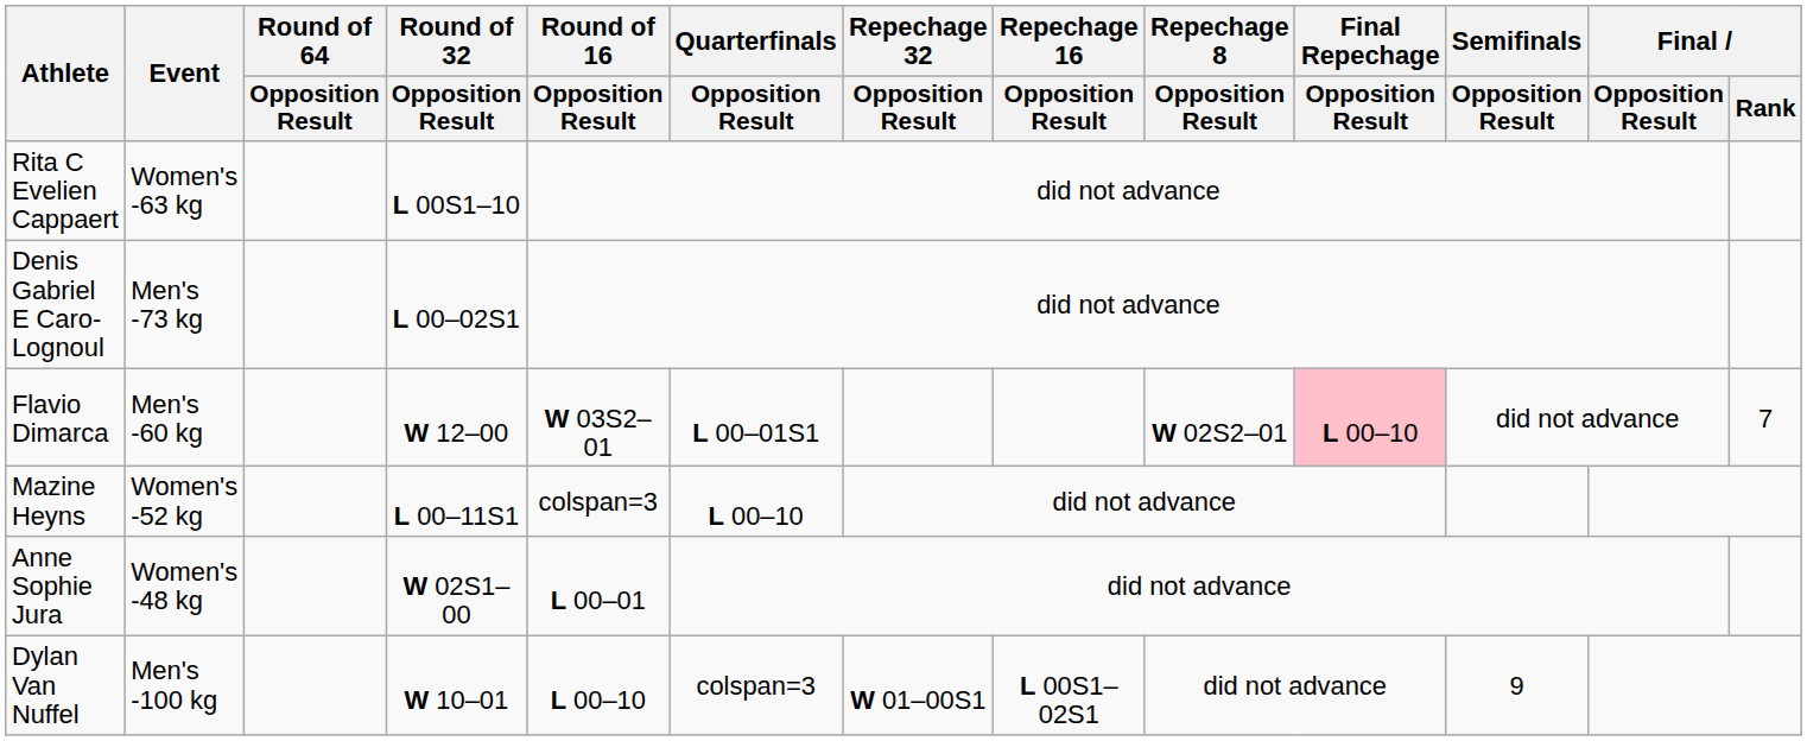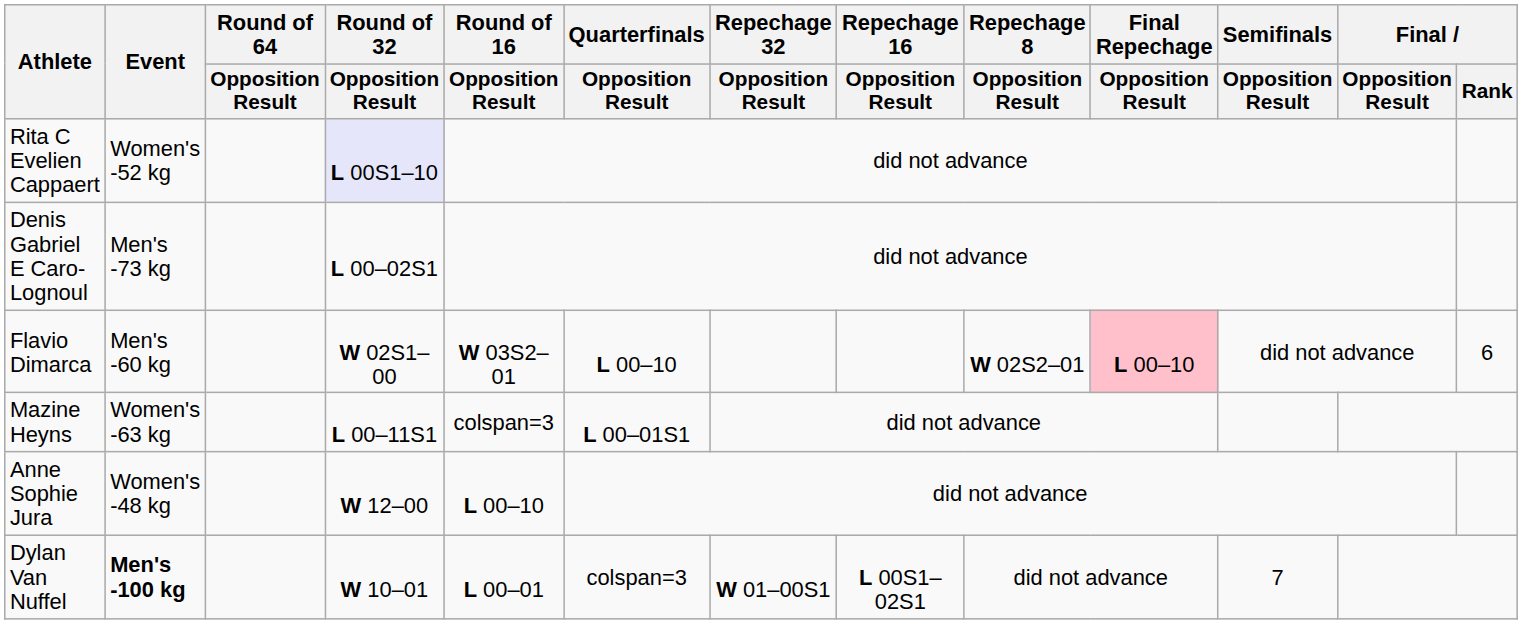 <table class="wikitable" style="font-size:90%">
 <tr>
 <th rowspan="2">Athlete</th>
 <th rowspan="2">Event</th>
 <th>Round of 64</th>
 <th>Round of 32</th>
 <th>Round of 16</th>
 <th>Quarterfinals</th>
 <th>Repechage 32</th>
 <th>Repechage 16</th>
 <th>Repechage 8</th>
 <th>Final Repechage</th>
 <th>Semifinals</th>
 <th colspan=2>Final / </th>
 </tr>
 <tr style="font-size:95%">
 <th>Opposition<br>Result</th>
 <th>Opposition<br>Result</th>
 <th>Opposition<br>Result</th>
 <th>Opposition<br>Result</th>
 <th>Opposition<br>Result</th>
 <th>Opposition<br>Result</th>
 <th>Opposition<br>Result</th>
 <th>Opposition<br>Result</th>
 <th>Opposition<br>Result</th>
 <th>Opposition<br>Result</th>
 <th>Rank</th>
 </tr>
 <tr align=center>
 <td align=left>Rita C Evelien Cappaert</td>
-<td align=left>Women's -63 kg</td>
+<td align=left>Women's -52 kg</td>
 <td></td>
-<td><br><strong>L</strong> 00S1–10</td>
+<td style="background: lavender;"><br><strong>L</strong> 00S1–10</td>
 <td colspan=8>did not advance</td>
 <td></td>
 </tr>
 <tr align=center>
 <td align=left>Denis Gabriel E Caro-Lognoul</td>
 <td align=left>Men's -73 kg</td>
 <td></td>
 <td><br><strong>L</strong> 00–02S1</td>
 <td colspan=8>did not advance</td>
 <td></td>
 </tr>
 <tr align=center>
 <td align=left>Flavio Dimarca</td>
 <td align=left>Men's -60 kg</td>
 <td></td>
-<td><br><strong>W</strong> 12–00</td>
+<td><br><strong>W</strong> 02S1–00</td>
 <td><br><strong>W</strong> 03S2–01</td>
-<td><br><strong>L</strong> 00–01S1</td>
+<td><br><strong>L</strong> 00–10</td>
 <td></td>
 <td></td>
 <td><br><strong>W</strong> 02S2–01</td>
 <td style="background: pink;"><br><strong>L</strong> 00–10</td>
 <td colspan=2>did not advance</td>
-<td>7</td>
+<td>6</td>
 </tr>
 <tr align=center>
 <td align=left>Mazine Heyns</td>
-<td align=left>Women's -52 kg</td>
+<td align=left>Women's -63 kg</td>
 <td></td>
 <td><br><strong>L</strong> 00–11S1</td>
 <td>colspan=3 </td>
-<td><br><strong>L</strong> 00–10</td>
+<td><br><strong>L</strong> 00–01S1</td>
 <td colspan=4>did not advance</td>
 <td></td>
 </tr>
 <tr align=center>
 <td align=left>Anne Sophie Jura</td>
 <td align=left>Women's -48 kg</td>
 <td></td>
-<td><br><strong>W</strong> 02S1–00</td>
-<td><br><strong>L</strong> 00–01</td>
+<td><br><strong>W</strong> 12–00</td>
+<td><br><strong>L</strong> 00–10</td>
 <td colspan=7>did not advance</td>
 <td></td>
 </tr>
 <tr align=center>
 <td align=left>Dylan Van Nuffel</td>
-<td align=left>Men's -100 kg</td>
+<td align=left><strong>Men's -100 kg</strong></td>
 <td></td>
 <td><br><strong>W</strong> 10–01</td>
-<td><br><strong>L</strong> 00–10</td>
+<td><br><strong>L</strong> 00–01</td>
 <td>colspan=3 </td>
 <td><br><strong>W</strong> 01–00S1</td>
 <td><br><strong>L</strong> 00S1–02S1</td>
 <td colspan=2>did not advance</td>
-<td>9</td>
+<td>7</td>
 </tr>
 </table>
